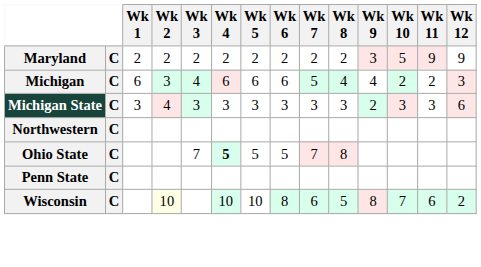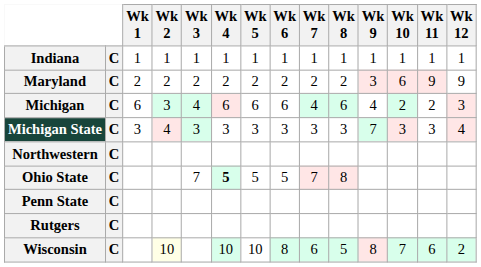 <table class="wikitable" style="white-space:nowrap;font-size:90%;">
 <tr>
 <th colspan=2 style="background:white; border-top-style:hidden; border-left-style:hidden;"> </th>
 <th>Wk<br>1</th>
 <th>Wk<br>2</th>
 <th>Wk<br>3</th>
 <th>Wk<br>4</th>
 <th>Wk<br>5</th>
 <th>Wk<br>6</th>
 <th>Wk<br>7</th>
 <th>Wk<br>8</th>
 <th>Wk<br>9</th>
 <th>Wk<br>10</th>
 <th>Wk<br>11</th>
 <th>Wk<br>12</th>
 </tr>
 <tr style="text-align:center;">
+<th>Indiana</th>
+<th>C</th>
+<td style="background:#FFF;"> 1</td>
+<td style="background:#FFF;"> 1</td>
+<td style="background:#FFF;"> 1</td>
+<td style="background:#FFF;"> 1</td>
+<td style="background:#FFF;"> 1</td>
+<td style="background:#FFF;"> 1</td>
+<td style="background:#FFF;"> 1</td>
+<td style="background:#FFF;"> 1</td>
+<td style="background:#FFF;"> 1</td>
+<td style="background:#FFF;"> 1</td>
+<td style="background:#FFF;"> 1</td>
+<td style="background:#FFF;"> 1</td>
+</tr>
+<tr style="text-align:center;">
 <th>Maryland</th>
 <th>C</th>
 <td style="background:#FFF;"> 2</td>
 <td style="background:#FFF;"> 2</td>
 <td style="background:#FFF;"> 2</td>
 <td style="background:#FFF;"> 2</td>
 <td style="background:#FFF;"> 2</td>
 <td style="background:#FFF;"> 2</td>
 <td style="background:#FFF;"> 2</td>
 <td style="background:#FFF;"> 2</td>
 <td style="background:#FFE6E6;"> 3</td>
-<td style="background:#FFE6E6;"> 5</td>
+<td style="background:#FFE6E6;"> 6</td>
 <td style="background:#FFE6E6;"> 9</td>
 <td style="background:#FFF;"> 9</td>
 </tr>
 <tr style="text-align:center;">
 <th>Michigan</th>
 <th>C</th>
 <td style="background:#FFF;"> 6</td>
 <td style="background:#D8FFEB;"> 3</td>
 <td style="background:#D8FFEB;"> 4</td>
 <td style="background:#FFE6E6;"> 6</td>
 <td style="background:#FFF;"> 6</td>
 <td style="background:#FFF;"> 6</td>
-<td style="background:#D8FFEB;"> 5</td>
 <td style="background:#D8FFEB;"> 4</td>
+<td style="background:#D8FFEB;"> 6</td>
 <td style="background:#FFF;"> 4</td>
 <td style="background:#D8FFEB;"> 2</td>
 <td style="background:#FFF;"> 2</td>
 <td style="background:#FFE6E6;"> 3</td>
 </tr>
 <tr style="text-align:center;">
 <th style="background:#18453B; color:white;">Michigan State</th>
 <th>C</th>
 <td style="background:#FFF;"> 3</td>
 <td style="background:#FFE6E6;"> 4</td>
 <td style="background:#D8FFEB;"> 3</td>
 <td style="background:#FFF;"> 3</td>
 <td style="background:#FFF;"> 3</td>
 <td style="background:#FFF;"> 3</td>
 <td style="background:#FFF;"> 3</td>
 <td style="background:#FFF;"> 3</td>
-<td style="background:#D8FFEB;"> 2</td>
+<td style="background:#D8FFEB;"> 7</td>
 <td style="background:#FFE6E6;"> 3</td>
 <td style="background:#FFF;"> 3</td>
-<td style="background:#FFE6E6;"> 6</td>
+<td style="background:#FFE6E6;"> 4</td>
 </tr>
 <tr style="text-align:center;">
 <th>Northwestern</th>
 <th>C</th>
 <td style="background:#FFF;"></td>
 <td style="background:#FFF;"></td>
 <td style="background:#FFF;"></td>
 <td style="background:#FFF;"></td>
 <td style="background:#FFF;"></td>
 <td style="background:#FFF;"></td>
 <td style="background:#FFF;"></td>
 <td style="background:#FFF;"></td>
 <td style="background:#FFF;"></td>
 <td style="background:#FFF;"></td>
 <td style="background:#FFF;"></td>
 <td style="background:#FFF;"></td>
 </tr>
 <tr style="text-align:center;">
 <th>Ohio State</th>
 <th>C</th>
 <td style="background:#FFF;"></td>
 <td style="background:#FFF;"></td>
 <td style="background:#FFF;"> 7</td>
 <td style="background:#D8FFEB;"><strong> 5</strong></td>
 <td style="background:#FFF;"> 5</td>
 <td style="background:#FFF;"> 5</td>
 <td style="background:#FFE6E6;"> 7</td>
 <td style="background:#FFE6E6;"> 8</td>
 <td style="background:#FFF;"></td>
 <td style="background:#FFF;"></td>
 <td style="background:#FFF;"></td>
 <td style="background:#FFF;"></td>
 </tr>
 <tr style="text-align:center;">
 <th>Penn State</th>
 <th>C</th>
 <td style="background:#FFF;"></td>
 <td style="background:#FFF;"></td>
 <td style="background:#FFF;"></td>
 <td style="background:#FFF;"></td>
 <td style="background:#FFF;"></td>
 <td style="background:#FFF;"></td>
 <td style="background:#FFF;"></td>
 <td style="background:#FFF;"></td>
 <td style="background:#FFF;"></td>
 <td style="background:#FFF;"></td>
 <td style="background:#FFF;"></td>
 <td style="background:#FFF;"></td>
 </tr>
 <tr style="text-align:center;">
+<th>Rutgers</th>
+<th>C</th>
+<td style="background:#FFF;"></td>
+<td style="background:#FFF;"></td>
+<td style="background:#FFF;"></td>
+<td style="background:#FFF;"></td>
+<td style="background:#FFF;"></td>
+<td style="background:#FFF;"></td>
+<td style="background:#FFF;"></td>
+<td style="background:#FFF;"></td>
+<td style="background:#FFF;"></td>
+<td style="background:#FFF;"></td>
+<td style="background:#FFF;"></td>
+<td style="background:#FFF;"></td>
+</tr>
+<tr style="text-align:center;">
 <th>Wisconsin</th>
 <th>C</th>
 <td style="background:#FFF;"></td>
 <td style="background:#FFFFE6;"> 10</td>
 <td style="background:#FFF;"></td>
 <td style="background:#D8FFEB;"> 10</td>
 <td style="background:#FFF;"> 10</td>
 <td style="background:#D8FFEB;"> 8</td>
 <td style="background:#D8FFEB;"> 6</td>
 <td style="background:#D8FFEB;"> 5</td>
 <td style="background:#FFE6E6;"> 8</td>
 <td style="background:#D8FFEB;"> 7</td>
 <td style="background:#D8FFEB;"> 6</td>
 <td style="background:#D8FFEB;"> 2</td>
 </tr>
 </table>
